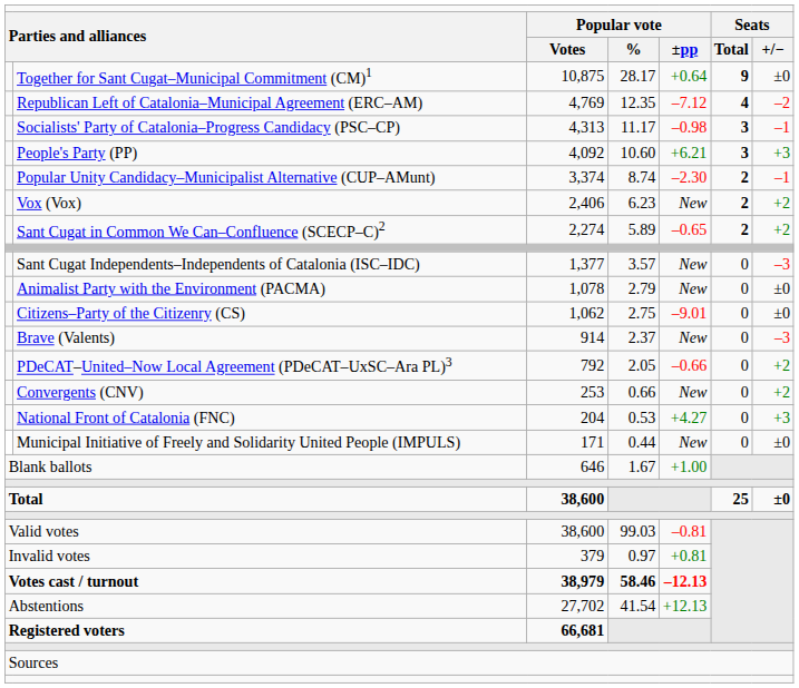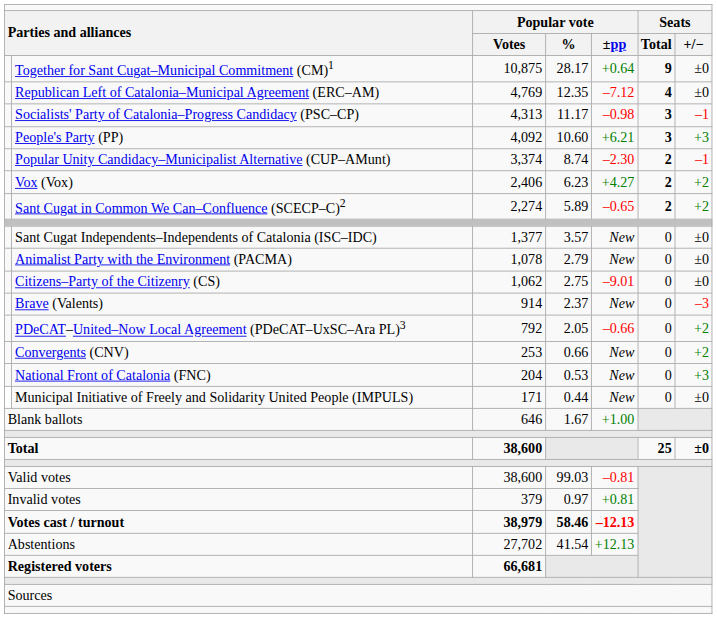 <table class="wikitable" style="text-align:right;">
 <tr>
 <td colspan="7"></td>
 </tr>
 <tr>
 <th style="text-align:left;" rowspan="2" colspan="2" width="525">Parties and alliances</th>
 <th colspan="3">Popular vote</th>
 <th colspan="2">Seats</th>
 </tr>
 <tr>
 <th width="75">Votes</th>
 <th width="45">%</th>
 <th width="45">±<a href='#'>pp</a></th>
 <th width="35">Total</th>
 <th width="35">+/−</th>
 </tr>
 <tr>
 <td width="1" style="color:inherit;background:"></td>
 <td align="left"><a href='#'>Together for Sant Cugat–Municipal Commitment</a> (CM)<sup>1</sup></td>
 <td>10,875</td>
 <td>28.17</td>
 <td style="color:green;">+0.64</td>
 <td><strong>9</strong></td>
 <td>±0</td>
 </tr>
 <tr>
 <td style="color:inherit;background:"></td>
 <td align="left"><a href='#'>Republican Left of Catalonia–Municipal Agreement</a> (ERC–AM)</td>
 <td>4,769</td>
 <td>12.35</td>
 <td style="color:red;">–7.12</td>
 <td><strong>4</strong></td>
-<td style="color:red;">–2</td>
+<td>±0</td>
 </tr>
 <tr>
 <td style="color:inherit;background:"></td>
 <td align="left"><a href='#'>Socialists' Party of Catalonia–Progress Candidacy</a> (PSC–CP)</td>
 <td>4,313</td>
 <td>11.17</td>
 <td style="color:red;">–0.98</td>
 <td><strong>3</strong></td>
 <td style="color:red;">–1</td>
 </tr>
 <tr>
 <td style="color:inherit;background:"></td>
 <td align="left"><a href='#'>People's Party</a> (PP)</td>
 <td>4,092</td>
 <td>10.60</td>
 <td style="color:green;">+6.21</td>
 <td><strong>3</strong></td>
 <td style="color:green;">+3</td>
 </tr>
 <tr>
 <td style="color:inherit;background:"></td>
 <td align="left"><a href='#'>Popular Unity Candidacy–Municipalist Alternative</a> (CUP–AMunt)</td>
 <td>3,374</td>
 <td>8.74</td>
 <td style="color:red;">–2.30</td>
 <td><strong>2</strong></td>
 <td style="color:red;">–1</td>
 </tr>
 <tr>
 <td style="color:inherit;background:"></td>
 <td align="left"><a href='#'>Vox</a> (Vox)</td>
 <td>2,406</td>
 <td>6.23</td>
-<td><em>New</em></td>
+<td style="color:green;">+4.27</td>
 <td><strong>2</strong></td>
 <td style="color:green;">+2</td>
 </tr>
 <tr>
 <td style="color:inherit;background:"></td>
 <td align="left"><a href='#'>Sant Cugat in Common We Can–Confluence</a> (SCECP–C)<sup>2</sup></td>
 <td>2,274</td>
 <td>5.89</td>
 <td style="color:red;">–0.65</td>
 <td><strong>2</strong></td>
 <td style="color:green;">+2</td>
 </tr>
 <tr>
 <td colspan="7" bgcolor="#C0C0C0"></td>
 </tr>
 <tr>
 <td style="color:inherit;background:"></td>
 <td align="left">Sant Cugat Independents–Independents of Catalonia (ISC–IDC)</td>
 <td>1,377</td>
 <td>3.57</td>
 <td><em>New</em></td>
 <td>0</td>
-<td style="color:red;">–3</td>
+<td>±0</td>
 </tr>
 <tr>
 <td style="color:inherit;background:"></td>
 <td align="left"><a href='#'>Animalist Party with the Environment</a> (PACMA)</td>
 <td>1,078</td>
 <td>2.79</td>
 <td><em>New</em></td>
 <td>0</td>
 <td>±0</td>
 </tr>
 <tr>
 <td style="color:inherit;background:"></td>
 <td align="left"><a href='#'>Citizens–Party of the Citizenry</a> (CS)</td>
 <td>1,062</td>
 <td>2.75</td>
 <td style="color:red;">–9.01</td>
 <td>0</td>
 <td>±0</td>
 </tr>
 <tr>
 <td style="color:inherit;background:"></td>
 <td align="left"><a href='#'>Brave</a> (Valents)</td>
 <td>914</td>
 <td>2.37</td>
 <td><em>New</em></td>
 <td>0</td>
 <td style="color:red;">–3</td>
 </tr>
 <tr>
 <td style="color:inherit;background:"></td>
 <td align="left"><a href='#'>PDeCAT</a>–<a href='#'>United–Now Local Agreement</a> (PDeCAT–UxSC–Ara PL)<sup>3</sup></td>
 <td>792</td>
 <td>2.05</td>
 <td style="color:red;">–0.66</td>
 <td>0</td>
 <td style="color:green;">+2</td>
 </tr>
 <tr>
 <td style="color:inherit;background:"></td>
 <td align="left"><a href='#'>Convergents</a> (CNV)</td>
 <td>253</td>
 <td>0.66</td>
 <td><em>New</em></td>
 <td>0</td>
 <td style="color:green;">+2</td>
 </tr>
 <tr>
 <td style="color:inherit;background:"></td>
 <td align="left"><a href='#'>National Front of Catalonia</a> (FNC)</td>
 <td>204</td>
 <td>0.53</td>
-<td style="color:green;">+4.27</td>
+<td><em>New</em></td>
 <td>0</td>
 <td style="color:green;">+3</td>
 </tr>
 <tr>
 <td bgcolor="white"></td>
 <td align="left">Municipal Initiative of Freely and Solidarity United People (IMPULS)</td>
 <td>171</td>
 <td>0.44</td>
 <td><em>New</em></td>
 <td>0</td>
 <td>±0</td>
 </tr>
 <tr>
 <td align="left" colspan="2">Blank ballots</td>
 <td>646</td>
 <td>1.67</td>
 <td style="color:green;">+1.00</td>
 <td bgcolor="#E9E9E9" colspan="2"></td>
 </tr>
 <tr>
 <td colspan="7" bgcolor="#E9E9E9"></td>
 </tr>
 <tr style="font-weight:bold;">
 <td align="left" colspan="2">Total</td>
 <td>38,600</td>
 <td bgcolor="#E9E9E9" colspan="2"></td>
 <td>25</td>
 <td>±0</td>
 </tr>
 <tr>
 <td colspan="7" bgcolor="#E9E9E9"></td>
 </tr>
 <tr>
 <td align="left" colspan="2">Valid votes</td>
 <td>38,600</td>
 <td>99.03</td>
 <td style="color:red;">–0.81</td>
 <td bgcolor="#E9E9E9" colspan="2" rowspan="5"></td>
 </tr>
 <tr>
 <td align="left" colspan="2">Invalid votes</td>
 <td>379</td>
 <td>0.97</td>
 <td style="color:green;">+0.81</td>
 </tr>
 <tr style="font-weight:bold;">
 <td align="left" colspan="2">Votes cast / turnout</td>
 <td>38,979</td>
 <td>58.46</td>
 <td style="color:red;">–12.13</td>
 </tr>
 <tr>
 <td align="left" colspan="2">Abstentions</td>
 <td>27,702</td>
 <td>41.54</td>
 <td style="color:green;">+12.13</td>
 </tr>
 <tr style="font-weight:bold;">
 <td align="left" colspan="2">Registered voters</td>
 <td>66,681</td>
 <td bgcolor="#E9E9E9" colspan="2"></td>
 </tr>
 <tr>
 <td colspan="7" bgcolor="#E9E9E9"></td>
 </tr>
 <tr>
 <td align="left" colspan="7">Sources</td>
 </tr>
 <tr>
 <td colspan="7" style="text-align:left; max-width:790px;"></td>
 </tr>
 </table>
